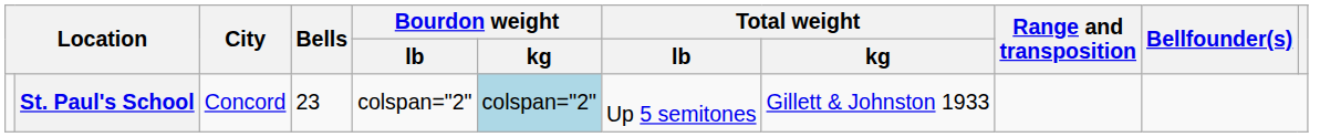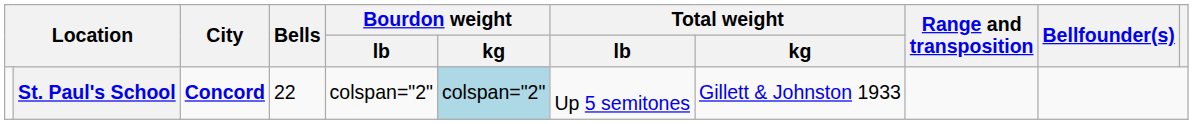 <table class="wikitable plainrowheaders">
 <tr>
 <th scope="col" colspan="2" rowspan="2" class="unsortable">Location</th>
 <th scope="col" rowspan="2">City</th>
 <th scope="col" rowspan="2">Bells</th>
 <th scope="col" colspan="2"><a href='#'>Bourdon</a> weight</th>
 <th scope="col" colspan="2">Total weight</th>
 <th scope="col" rowspan="2" class="unsortable"><a href='#'>Range</a> and<br><a href='#'>transposition</a></th>
 <th scope="col" rowspan="2" class="unsortable"><a href='#'>Bellfounder(s)</a></th>
 <th scope="col" rowspan="2" class="unsortable"></th>
 </tr>
 <tr>
 <th scope="col">lb</th>
 <th scope="col">kg</th>
 <th scope="col">lb</th>
 <th scope="col">kg</th>
 </tr>
 <tr>
 <td></td>
 <th scope="row"><a href='#'>St. Paul's School</a></th>
-<td><a href='#'>Concord</a></td>
-<td>23</td>
+<td><strong><a href='#'>Concord</a></strong></td>
+<td>22</td>
 <td>colspan="2" </td>
 <td style="background: lightblue;">colspan="2" </td>
 <td style="text-align: center"><br>Up <a href='#'>5 semitones</a></td>
 <td><a href='#'>Gillett & Johnston</a> 1933</td>
 <td></td>
 </tr>
 </table>
